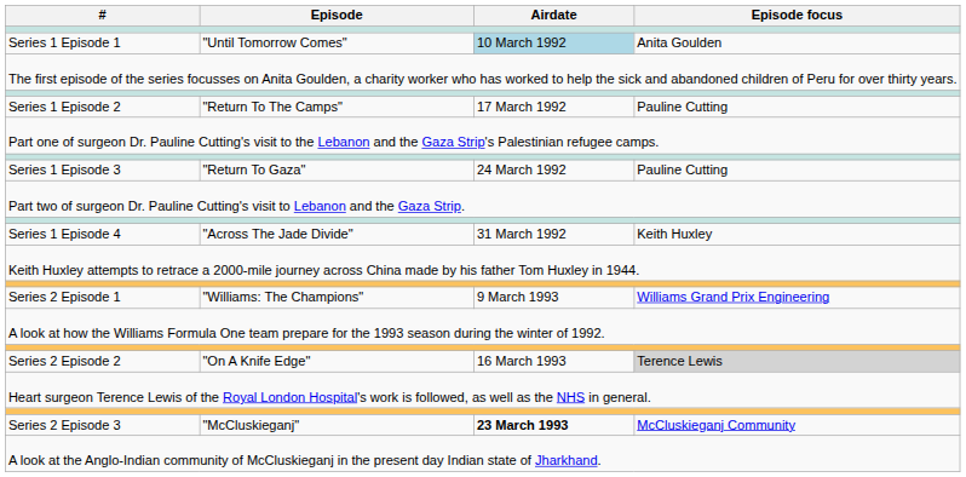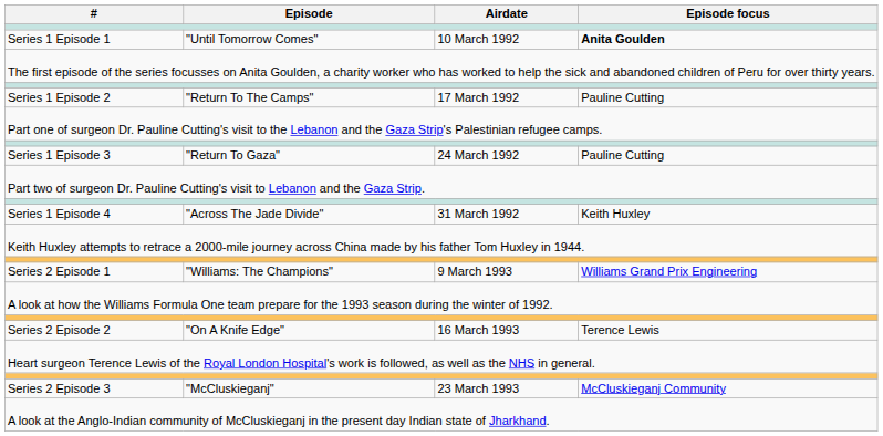 <table class="wikitable">
 <tr>
 <th>#</th>
 <th>Episode</th>
 <th>Airdate</th>
 <th>Episode focus</th>
 </tr>
 <tr>
 <td colspan="4" bgcolor="#C5E4E1"></td>
 </tr>
 <tr>
 <td>Series 1 Episode 1</td>
 <td>"Until Tomorrow Comes"</td>
-<td style="background: lightblue;">10 March 1992</td>
-<td>Anita Goulden</td>
+<td>10 March 1992</td>
+<td><strong>Anita Goulden</strong></td>
 </tr>
 <tr>
 <td colspan="4" valign="top"><br>The first episode of the series focusses on Anita Goulden, a charity worker who has worked to help the sick and abandoned children of Peru for over thirty years.</td>
 </tr>
 <tr>
 <td colspan="4" bgcolor="#C5E4E1"></td>
 </tr>
 <tr>
 <td>Series 1 Episode 2</td>
 <td>"Return To The Camps"</td>
 <td>17 March 1992</td>
 <td>Pauline Cutting</td>
 </tr>
 <tr |>
 <td colspan="4" valign="top"><br>Part one of surgeon Dr. Pauline Cutting's visit to the <a href='#'>Lebanon</a> and the <a href='#'>Gaza Strip</a>'s Palestinian refugee camps.</td>
 </tr>
 <tr>
 <td colspan="4" bgcolor="#C5E4E1"></td>
 </tr>
 <tr>
 <td>Series 1 Episode 3</td>
 <td>"Return To Gaza"</td>
 <td>24 March 1992</td>
 <td>Pauline Cutting</td>
 </tr>
 <tr |>
 <td colspan="4" valign="top"><br>Part two of surgeon Dr. Pauline Cutting's visit to <a href='#'>Lebanon</a> and the <a href='#'>Gaza Strip</a>.</td>
 </tr>
 <tr>
 <td colspan="4" bgcolor="#C5E4E1"></td>
 </tr>
 <tr>
 <td>Series 1 Episode 4</td>
 <td>"Across The Jade Divide"</td>
 <td>31 March 1992</td>
 <td>Keith Huxley</td>
 </tr>
 <tr |>
 <td colspan="4" valign="top"><br>Keith Huxley attempts to retrace a 2000-mile journey across China made by his father Tom Huxley in 1944.</td>
 </tr>
 <tr>
 <td colspan="4" bgcolor="#FCC25D"></td>
 </tr>
 <tr>
 <td>Series 2 Episode 1</td>
 <td>"Williams: The Champions"</td>
 <td>9 March 1993</td>
 <td><a href='#'>Williams Grand Prix Engineering</a></td>
 </tr>
 <tr |>
 <td colspan="4" valign="top"><br>A look at how the Williams Formula One team prepare for the 1993 season during the winter of 1992.</td>
 </tr>
 <tr>
 <td colspan="4" bgcolor="#FCC25D"></td>
 </tr>
 <tr>
 <td>Series 2 Episode 2</td>
 <td>"On A Knife Edge"</td>
 <td>16 March 1993</td>
-<td style="background: lightgrey;">Terence Lewis</td>
+<td>Terence Lewis</td>
 </tr>
 <tr |>
 <td colspan="4" valign="top"><br>Heart surgeon Terence Lewis of the <a href='#'>Royal London Hospital</a>'s work is followed, as well as the <a href='#'>NHS</a> in general.</td>
 </tr>
 <tr>
 <td colspan="4" bgcolor="#FCC25D"></td>
 </tr>
 <tr>
 <td>Series 2 Episode 3</td>
 <td>"McCluskieganj"</td>
-<td><strong>23 March 1993</strong></td>
+<td>23 March 1993</td>
 <td><a href='#'>McCluskieganj Community</a></td>
 </tr>
 <tr |>
 <td colspan="4" valign="top"><br>A look at the Anglo-Indian community of McCluskieganj in the present day Indian state of <a href='#'>Jharkhand</a>.</td>
 </tr>
 </table>
